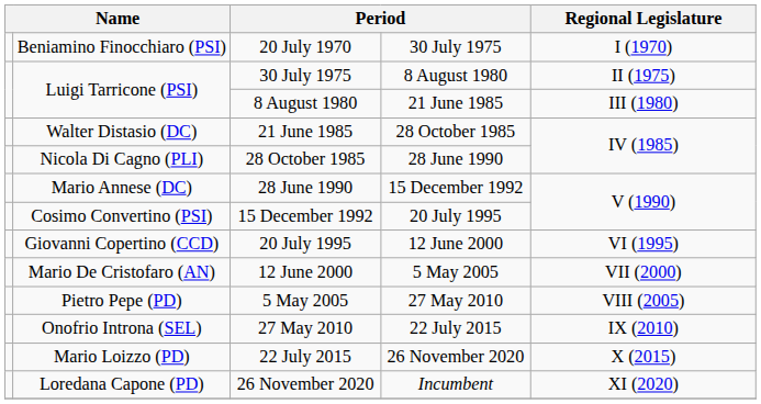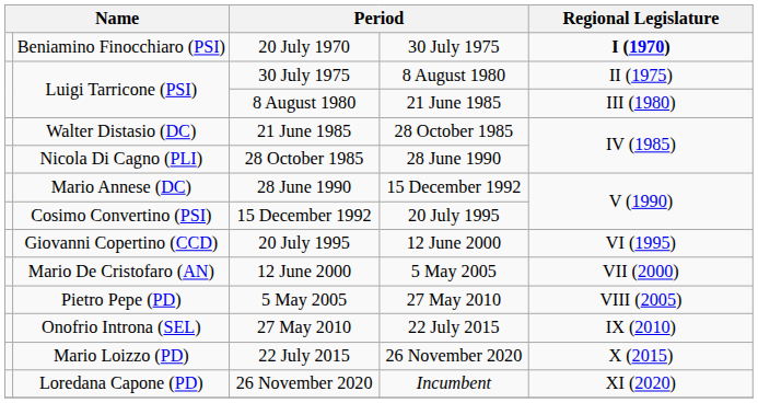 <table class="wikitable">
 <tr>
 <th width="30%" colspan=2>Name</th>
 <th width="40%" colspan=2>Period</th>
 <th width="30%">Regional Legislature</th>
 </tr>
 <tr align=center>
 <td style="background:"></td>
 <td>Beniamino Finocchiaro (<a href='#'>PSI</a>)</td>
 <td>20 July 1970</td>
 <td>30 July 1975</td>
-<td>I (<a href='#'>1970</a>)</td>
+<td><strong>I (<a href='#'>1970</a>)</strong></td>
 </tr>
 <tr align=center>
 <td rowspan=2 style="background:"></td>
 <td rowspan=2>Luigi Tarricone (<a href='#'>PSI</a>)</td>
 <td>30 July 1975</td>
 <td>8 August 1980</td>
 <td>II (<a href='#'>1975</a>)</td>
 </tr>
 <tr align=center>
 <td>8 August 1980</td>
 <td>21 June 1985</td>
 <td>III (<a href='#'>1980</a>)</td>
 </tr>
 <tr align=center>
 <td style="background:"></td>
 <td>Walter Distasio (<a href='#'>DC</a>)</td>
 <td>21 June 1985</td>
 <td>28 October 1985</td>
 <td rowspan=2>IV (<a href='#'>1985</a>)</td>
 </tr>
 <tr align=center>
 <td style="background:"></td>
 <td>Nicola Di Cagno (<a href='#'>PLI</a>)</td>
 <td>28 October 1985</td>
 <td>28 June 1990</td>
 </tr>
 <tr align=center>
 <td style="background:"></td>
 <td>Mario Annese (<a href='#'>DC</a>)</td>
 <td>28 June 1990</td>
 <td>15 December 1992</td>
 <td rowspan=2>V (<a href='#'>1990</a>)</td>
 </tr>
 <tr align=center>
 <td style="background:"></td>
 <td>Cosimo Convertino (<a href='#'>PSI</a>)</td>
 <td>15 December 1992</td>
 <td>20 July 1995</td>
 </tr>
 <tr align=center>
 <td style="background:"></td>
 <td>Giovanni Copertino (<a href='#'>CCD</a>)</td>
 <td>20 July 1995</td>
 <td>12 June 2000</td>
 <td>VI (<a href='#'>1995</a>)</td>
 </tr>
 <tr align=center>
 <td style="background:"></td>
 <td>Mario De Cristofaro (<a href='#'>AN</a>)</td>
 <td>12 June 2000</td>
 <td>5 May 2005</td>
 <td>VII (<a href='#'>2000</a>)</td>
 </tr>
 <tr align=center>
 <td style="background:"></td>
 <td>Pietro Pepe (<a href='#'>PD</a>)</td>
 <td>5 May 2005</td>
 <td>27 May 2010</td>
 <td>VIII (<a href='#'>2005</a>)</td>
 </tr>
 <tr align=center>
 <td style="background:"></td>
 <td>Onofrio Introna (<a href='#'>SEL</a>)</td>
 <td>27 May 2010</td>
 <td>22 July 2015</td>
 <td>IX (<a href='#'>2010</a>)</td>
 </tr>
 <tr align=center>
 <td style="background:"></td>
 <td>Mario Loizzo (<a href='#'>PD</a>)</td>
 <td>22 July 2015</td>
 <td>26 November 2020</td>
 <td>X (<a href='#'>2015</a>)</td>
 </tr>
 <tr align=center>
 <td style="background:"></td>
 <td>Loredana Capone (<a href='#'>PD</a>)</td>
 <td>26 November 2020</td>
 <td><em>Incumbent</em></td>
 <td>XI (<a href='#'>2020</a>)</td>
 </tr>
 <tr align=center>
 </tr>
 </table>
